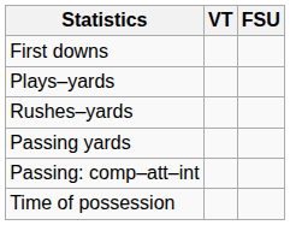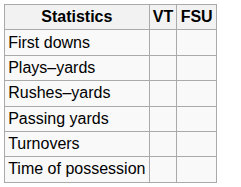 <table class="wikitable" style="float:left">
 <tr>
 <th>Statistics</th>
 <th>VT</th>
 <th>FSU</th>
 </tr>
 <tr>
 <td>First downs</td>
 <td></td>
 <td></td>
 </tr>
 <tr>
 <td>Plays–yards</td>
 <td></td>
 <td></td>
 </tr>
 <tr>
 <td>Rushes–yards</td>
 <td></td>
 <td></td>
 </tr>
 <tr>
 <td>Passing yards</td>
 <td></td>
 <td></td>
 </tr>
 <tr>
-<td>Passing: comp–att–int</td>
+<td>Turnovers</td>
 <td></td>
 <td></td>
 </tr>
 <tr>
 <td>Time of possession</td>
 <td></td>
 <td></td>
 </tr>
 </table>
